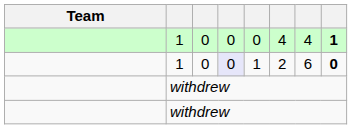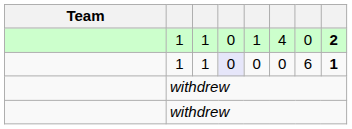 <table class="wikitable" style="text-align:center;">
 <tr>
 <th width=165>Team</th>
 <th width=20></th>
 <th width=20></th>
 <th width=20></th>
 <th width=20></th>
 <th width=20></th>
 <th width=20></th>
 <th width=20></th>
 </tr>
 <tr bgcolor="#ccffcc">
 <td align="left"></td>
 <td>1</td>
+<td>1</td>
 <td>0</td>
+<td>1</td>
+<td>4</td>
 <td>0</td>
-<td>0</td>
-<td>4</td>
-<td>4</td>
-<td><strong>1</strong></td>
+<td><strong>2</strong></td>
 </tr>
 <tr>
 <td align="left"></td>
 <td>1</td>
+<td>1</td>
+<td style="background: lavender;">0</td>
 <td>0</td>
-<td style="background: lavender;">0</td>
-<td>1</td>
-<td>2</td>
+<td>0</td>
 <td>6</td>
-<td><strong>0</strong></td>
+<td><strong>1</strong></td>
 </tr>
 <tr>
 <td align="left"></td>
 <td align="left" colspan="8"><em>withdrew</em></td>
 </tr>
 <tr>
 <td align="left"></td>
 <td align="left" colspan="8"><em>withdrew</em></td>
 </tr>
 </table>
